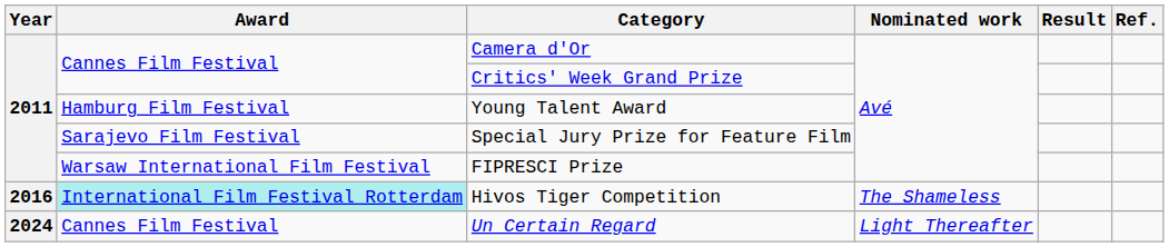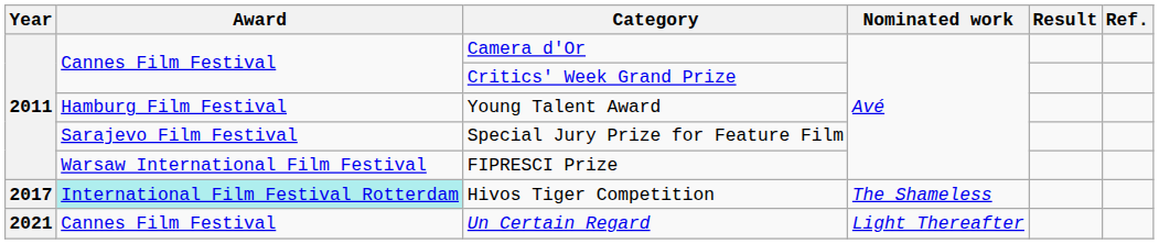 <table class="wikitable sortable plainrowheaders">
 <tr>
 <th scope="col">Year</th>
 <th scope="col">Award</th>
 <th scope="col">Category</th>
 <th scope="col">Nominated work</th>
 <th scope="col">Result</th>
 <th scope="col">Ref.</th>
 </tr>
 <tr>
 <th scope="row" rowspan="5">2011</th>
 <td rowspan="2"><a href='#'>Cannes Film Festival</a></td>
 <td><a href='#'>Camera d'Or</a></td>
 <td rowspan="5"><em><a href='#'>Avé</a></em></td>
 <td></td>
 <td align="center"></td>
 </tr>
 <tr>
 <td><a href='#'>Critics' Week Grand Prize</a></td>
 <td></td>
 <td align="center"></td>
 </tr>
 <tr>
 <td><a href='#'>Hamburg Film Festival</a></td>
 <td>Young Talent Award</td>
 <td></td>
 <td align="center"></td>
 </tr>
 <tr>
 <td><a href='#'>Sarajevo Film Festival</a></td>
 <td>Special Jury Prize for Feature Film</td>
 <td></td>
 <td align="center"></td>
 </tr>
 <tr>
 <td><a href='#'>Warsaw International Film Festival</a></td>
 <td>FIPRESCI Prize</td>
 <td></td>
 <td align="center"></td>
 </tr>
 <tr>
-<th scope="row">2016</th>
+<th scope="row">2017</th>
 <td style="background: paleturquoise;"><a href='#'>International Film Festival Rotterdam</a></td>
 <td>Hivos Tiger Competition</td>
 <td><em><a href='#'>The Shameless</a></em></td>
 <td></td>
 <td align="center"></td>
 </tr>
 <tr>
-<th scope="row">2024</th>
+<th scope="row">2021</th>
 <td><a href='#'>Cannes Film Festival</a></td>
 <td><em><a href='#'>Un Certain Regard</a></em></td>
 <td><em><a href='#'>Light Thereafter</a></em></td>
 <td></td>
 <td align="center"></td>
 </tr>
 </table>
